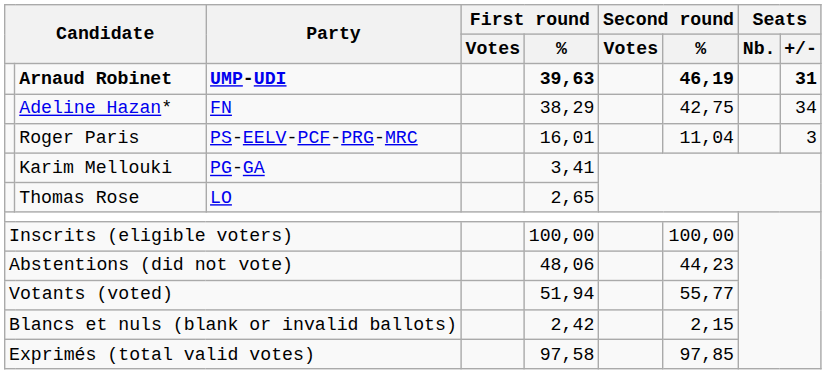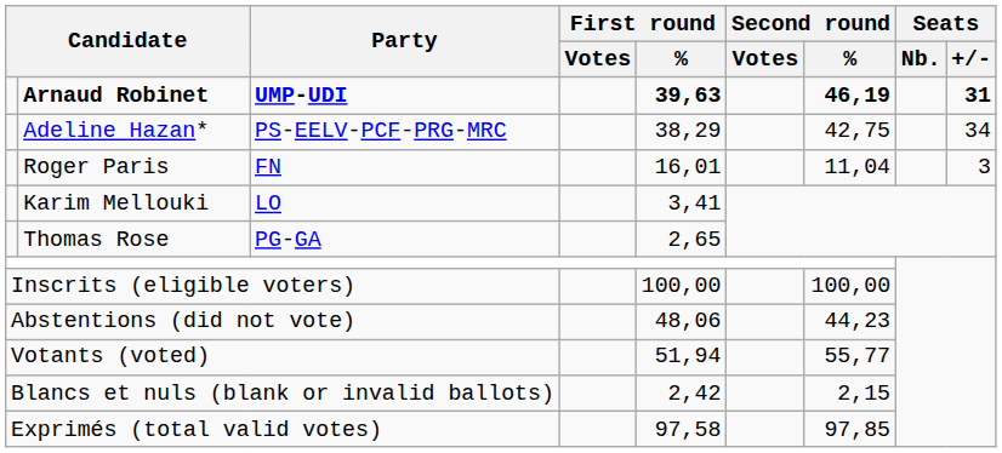 <table class="wikitable centre">
 <tr>
 <th scope="col" rowspan=2 colspan=2>Candidate</th>
 <th scope="col" rowspan=2 colspan=1>Party</th>
 <th scope="col" colspan=2>First round</th>
 <th scope="col" colspan=2>Second round</th>
 <th scope="col" colspan=2>Seats</th>
 </tr>
 <tr>
 <th scope="col">Votes</th>
 <th scope="col">%</th>
 <th scope="col">Votes</th>
 <th scope="col">%</th>
 <th scope="col">Nb.</th>
 <th scope="col">+/-</th>
 </tr>
 <tr>
 <td style="color:inherit;background:"></td>
 <td><strong>Arnaud Robinet</strong></td>
 <td><strong><a href='#'>UMP</a>-<a href='#'>UDI</a></strong></td>
 <td style="text-align: right"><strong></strong></td>
 <td style="text-align: right"><strong>39,63</strong></td>
 <td style="text-align: right"><strong></strong></td>
 <td style="text-align: right"><strong>46,19</strong></td>
 <td style="text-align: right"><strong></strong></td>
 <td style="text-align: right"><strong> 31</strong></td>
 </tr>
 <tr>
 <td style="color:inherit;background:"></td>
 <td><a href='#'>Adeline Hazan</a>*</td>
-<td><a href='#'>FN</a></td>
+<td><a href='#'>PS</a>-<a href='#'>EELV</a>-<a href='#'>PCF</a>-<a href='#'>PRG</a>-<a href='#'>MRC</a></td>
 <td style="text-align: right"></td>
 <td style="text-align: right">38,29</td>
 <td style="text-align: right"></td>
 <td style="text-align: right">42,75</td>
 <td style="text-align: right"></td>
 <td style="text-align: right"> 34</td>
 </tr>
 <tr>
 <td style="color:inherit;background:"></td>
 <td>Roger Paris</td>
-<td><a href='#'>PS</a>-<a href='#'>EELV</a>-<a href='#'>PCF</a>-<a href='#'>PRG</a>-<a href='#'>MRC</a></td>
+<td><a href='#'>FN</a></td>
 <td style="text-align: right"></td>
 <td style="text-align: right">16,01</td>
 <td style="text-align: right"></td>
 <td style="text-align: right">11,04</td>
 <td style="text-align: right"></td>
 <td style="text-align: right"> 3</td>
 </tr>
 <tr>
 <td style="color:inherit;background:"></td>
 <td>Karim Mellouki</td>
-<td><a href='#'>PG</a>-<a href='#'>GA</a></td>
+<td><a href='#'>LO</a></td>
 <td style="text-align: right"></td>
 <td style="text-align: right">3,41</td>
 <td colspan=9 rowspan=2></td>
 </tr>
 <tr>
 <td style="color:inherit;background:"></td>
 <td>Thomas Rose</td>
-<td><a href='#'>LO</a></td>
+<td><a href='#'>PG</a>-<a href='#'>GA</a></td>
 <td style="text-align: right"></td>
 <td style="text-align: right">2,65</td>
 </tr>
 <tr bgcolor=white>
 <td colspan=7></td>
 </tr>
 <tr>
 <td colspan=3>Inscrits (eligible voters)</td>
 <td style="text-align: right"></td>
 <td style="text-align: right">100,00</td>
 <td style="text-align: right"></td>
 <td style="text-align: right">100,00</td>
 </tr>
 <tr>
 <td colspan=3>Abstentions (did not vote)</td>
 <td style="text-align: right"></td>
 <td style="text-align: right">48,06</td>
 <td style="text-align: right"></td>
 <td style="text-align: right">44,23</td>
 </tr>
 <tr>
 <td colspan=3>Votants (voted)</td>
 <td style="text-align: right"></td>
 <td style="text-align: right">51,94</td>
 <td style="text-align: right"></td>
 <td style="text-align: right">55,77</td>
 </tr>
 <tr>
 <td colspan=3>Blancs et nuls (blank or invalid ballots)</td>
 <td style="text-align: right"></td>
 <td style="text-align: right">2,42</td>
 <td style="text-align: right"></td>
 <td style="text-align: right">2,15</td>
 </tr>
 <tr>
 <td colspan=3>Exprimés (total valid votes)</td>
 <td style="text-align: right"></td>
 <td style="text-align: right">97,58</td>
 <td style="text-align: right"></td>
 <td style="text-align: right">97,85</td>
 </tr>
 </table>
